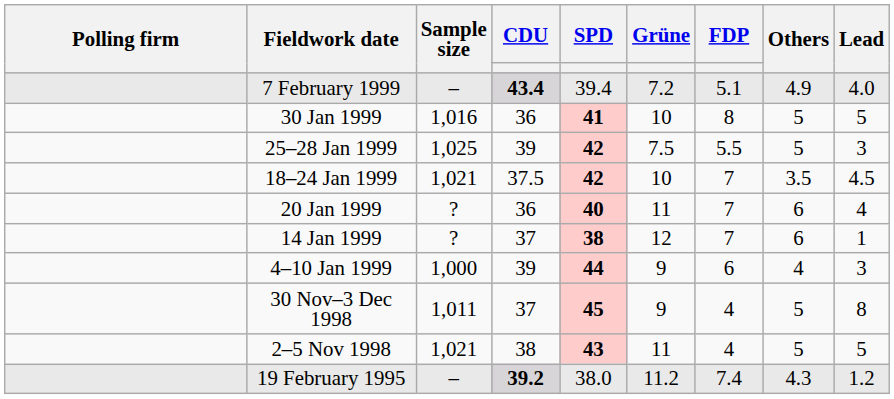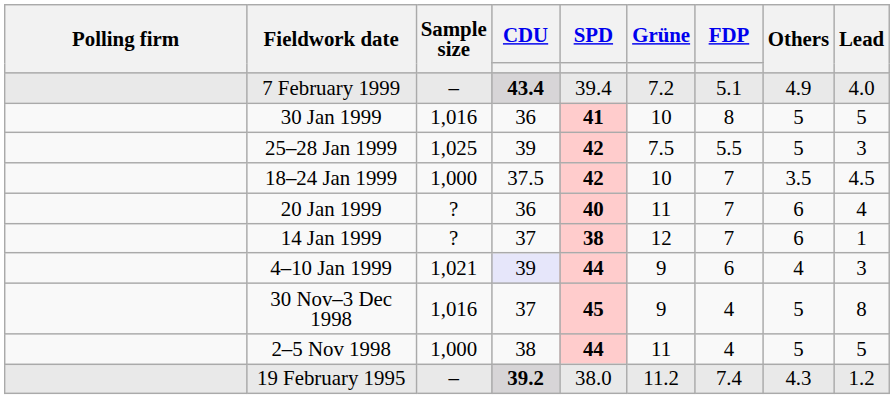 <table class="wikitable sortable" style="text-align:center;font-size:90%;line-height:14px;">
 <tr style="height:40px;">
 <th style="width:160px;" rowspan="2">Polling firm</th>
 <th style="width:110px;" rowspan="2">Fieldwork date</th>
 <th style="width:35px;" rowspan="2">Sample<br>size</th>
 <th class="unsortable" style="width:40px;"><a href='#'>CDU</a></th>
 <th class="unsortable" style="width:40px;"><a href='#'>SPD</a></th>
 <th class="unsortable" style="width:40px;"><a href='#'>Grüne</a></th>
 <th class="unsortable" style="width:40px;"><a href='#'>FDP</a></th>
 <th class="unsortable" style="width:40px;" rowspan="2">Others</th>
 <th style="width:30px;" rowspan="2">Lead</th>
 </tr>
 <tr>
 <th style="background:"></th>
 <th style="background:"></th>
 <th style="background:"></th>
 <th style="background:"></th>
 </tr>
 <tr style="background:#E9E9E9;">
 <td></td>
 <td data-sort-value="1999-02-07">7 February 1999</td>
 <td>–</td>
 <td style="background:#D7D5D7;"><strong>43.4</strong></td>
 <td>39.4</td>
 <td>7.2</td>
 <td>5.1</td>
 <td>4.9</td>
 <td style="background:">4.0</td>
 </tr>
 <tr>
 <td></td>
 <td data-sort-value="1999-01-30">30 Jan 1999</td>
 <td>1,016</td>
 <td>36</td>
 <td style="background:#FFCCCC;"><strong>41</strong></td>
 <td>10</td>
 <td>8</td>
 <td>5</td>
 <td style="background:">5</td>
 </tr>
 <tr>
 <td></td>
 <td data-sort-value="1999-01-29">25–28 Jan 1999</td>
 <td>1,025</td>
 <td>39</td>
 <td style="background:#FFCCCC;"><strong>42</strong></td>
 <td>7.5</td>
 <td>5.5</td>
 <td>5</td>
 <td style="background:">3</td>
 </tr>
 <tr>
 <td></td>
 <td data-sort-value="1999-01-28">18–24 Jan 1999</td>
-<td>1,021</td>
+<td>1,000</td>
 <td>37.5</td>
 <td style="background:#FFCCCC;"><strong>42</strong></td>
 <td>10</td>
 <td>7</td>
 <td>3.5</td>
 <td style="background:">4.5</td>
 </tr>
 <tr>
 <td></td>
 <td data-sort-value="1999-01-20">20 Jan 1999</td>
 <td>?</td>
 <td>36</td>
 <td style="background:#FFCCCC;"><strong>40</strong></td>
 <td>11</td>
 <td>7</td>
 <td>6</td>
 <td style="background:">4</td>
 </tr>
 <tr>
 <td></td>
 <td data-sort-value="1999-01-14">14 Jan 1999</td>
 <td>?</td>
 <td>37</td>
 <td style="background:#FFCCCC;"><strong>38</strong></td>
 <td>12</td>
 <td>7</td>
 <td>6</td>
 <td style="background:">1</td>
 </tr>
 <tr>
 <td></td>
 <td data-sort-value="1999-01-14">4–10 Jan 1999</td>
-<td>1,000</td>
-<td>39</td>
+<td>1,021</td>
+<td style="background: lavender;">39</td>
 <td style="background:#FFCCCC;"><strong>44</strong></td>
 <td>9</td>
 <td>6</td>
 <td>4</td>
 <td style="background:">3</td>
 </tr>
 <tr>
 <td></td>
 <td data-sort-value="1998-12-04">30 Nov–3 Dec 1998</td>
-<td>1,011</td>
+<td>1,016</td>
 <td>37</td>
 <td style="background:#FFCCCC;"><strong>45</strong></td>
 <td>9</td>
 <td>4</td>
 <td>5</td>
 <td style="background:">8</td>
 </tr>
 <tr>
 <td></td>
 <td data-sort-value="1998-11-06">2–5 Nov 1998</td>
-<td>1,021</td>
+<td>1,000</td>
 <td>38</td>
-<td style="background:#FFCCCC;"><strong>43</strong></td>
+<td style="background:#FFCCCC;"><strong>44</strong></td>
 <td>11</td>
 <td>4</td>
 <td>5</td>
 <td style="background:">5</td>
 </tr>
 <tr style="background:#E9E9E9;">
 <td></td>
 <td data-sort-value="1995-02-19">19 February 1995</td>
 <td>–</td>
 <td style="background:#D7D5D7;"><strong>39.2</strong></td>
 <td>38.0</td>
 <td>11.2</td>
 <td>7.4</td>
 <td>4.3</td>
 <td style="background:">1.2</td>
 </tr>
 </table>
